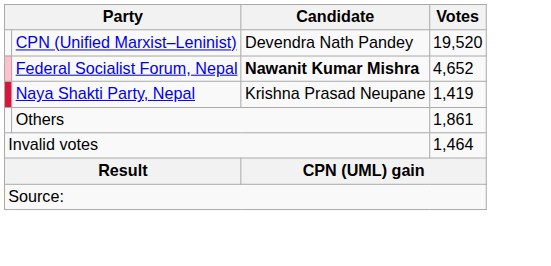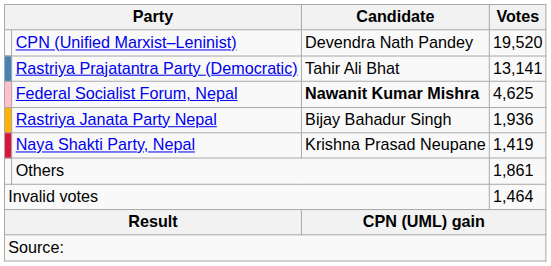 <table class="wikitable">
 <tr>
 <th colspan="2">Party</th>
 <th>Candidate</th>
 <th>Votes</th>
 </tr>
 <tr>
 <td style="background-color:"></td>
 <td><a href='#'>CPN (Unified Marxist–Leninist)</a></td>
 <td>Devendra Nath Pandey</td>
 <td>19,520</td>
 </tr>
 <tr>
+<td style="background-color:steelblue"></td>
+<td><a href='#'>Rastriya Prajatantra Party (Democratic)</a></td>
+<td>Tahir Ali Bhat</td>
+<td>13,141</td>
+</tr>
+<tr>
 <td style="background-color:pink"></td>
 <td><a href='#'>Federal Socialist Forum, Nepal</a></td>
 <td><strong>Nawanit Kumar Mishra</strong></td>
-<td>4,652</td>
+<td>4,625</td>
+</tr>
+<tr>
+<td style="background-color:#ffb300"></td>
+<td><a href='#'>Rastriya Janata Party Nepal</a></td>
+<td>Bijay Bahadur Singh</td>
+<td>1,936</td>
 </tr>
 <tr>
 <td style="background-color:crimson"></td>
 <td><a href='#'>Naya Shakti Party, Nepal</a></td>
 <td>Krishna Prasad Neupane</td>
 <td>1,419</td>
 </tr>
 <tr>
 <td></td>
 <td colspan="2">Others</td>
 <td>1,861</td>
 </tr>
 <tr>
 <td colspan="3">Invalid votes</td>
 <td>1,464</td>
 </tr>
 <tr>
 <th colspan="2">Result</th>
 <th colspan="2">CPN (UML) gain</th>
 </tr>
 <tr>
 <td colspan="4">Source: </td>
 </tr>
 </table>
